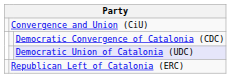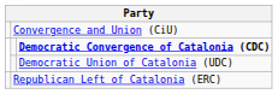 <table class="wikitable" style="text-align:left;">
 <tr>
 <th colspan="3">Party</th>
 </tr>
 <tr>
 <td width="1"></td>
 <td colspan="2"><a href='#'>Convergence and Union</a> (CiU)</td>
 </tr>
 <tr>
 <td rowspan="2" bgcolor="white"></td>
 <td width="1"></td>
-<td><a href='#'>Democratic Convergence of Catalonia</a> (CDC)</td>
+<td><strong><a href='#'>Democratic Convergence of Catalonia</a> (CDC)</strong></td>
 </tr>
 <tr>
 <td></td>
-<td style="background: lavender;"><a href='#'>Democratic Union of Catalonia</a> (UDC)</td>
+<td><a href='#'>Democratic Union of Catalonia</a> (UDC)</td>
 </tr>
 <tr>
 <td></td>
 <td colspan="2"><a href='#'>Republican Left of Catalonia</a> (ERC)</td>
 </tr>
 </table>
